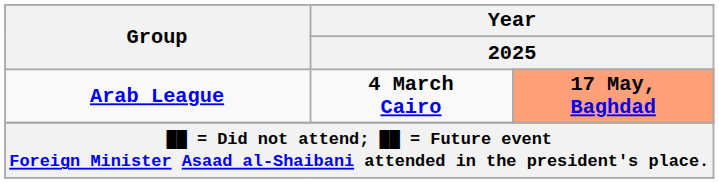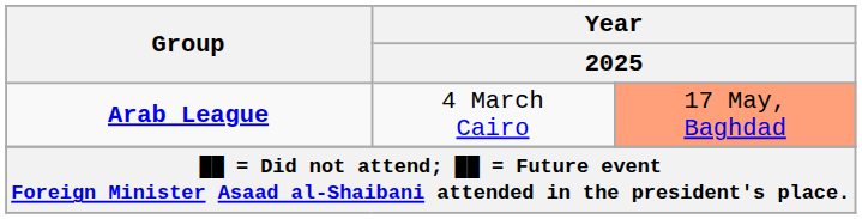 <table class="wikitable" style="margin:1em auto; font-size:85%; text-align:center;">
 <tr>
 <th rowspan="2">Group</th>
 <th colspan="7">Year</th>
 </tr>
 <tr>
 <th colspan="7">2025</th>
 </tr>
 <tr>
 <td !colspan="8"><strong><a href='#'>Arab League</a></strong></td>
-<td><strong>4 March<br>  <a href='#'>Cairo</a></strong></td>
-<td style="background:#ffa07a;"><strong>17 May,<br>  <a href='#'>Baghdad</a></strong></td>
+<td>4 March<br>  <a href='#'>Cairo</a></td>
+<td style="background:#ffa07a;">17 May,<br>  <a href='#'>Baghdad</a></td>
 </tr>
 <tr>
 </tr>
 <tr>
 <th colspan="8"><small><span>██</span> = Did not attend; <span>██</span> = Future event</small><br><small><a href='#'>Foreign Minister</a> <a href='#'>Asaad al-Shaibani</a> attended in the president's place.</small></th>
 </tr>
 </table>
